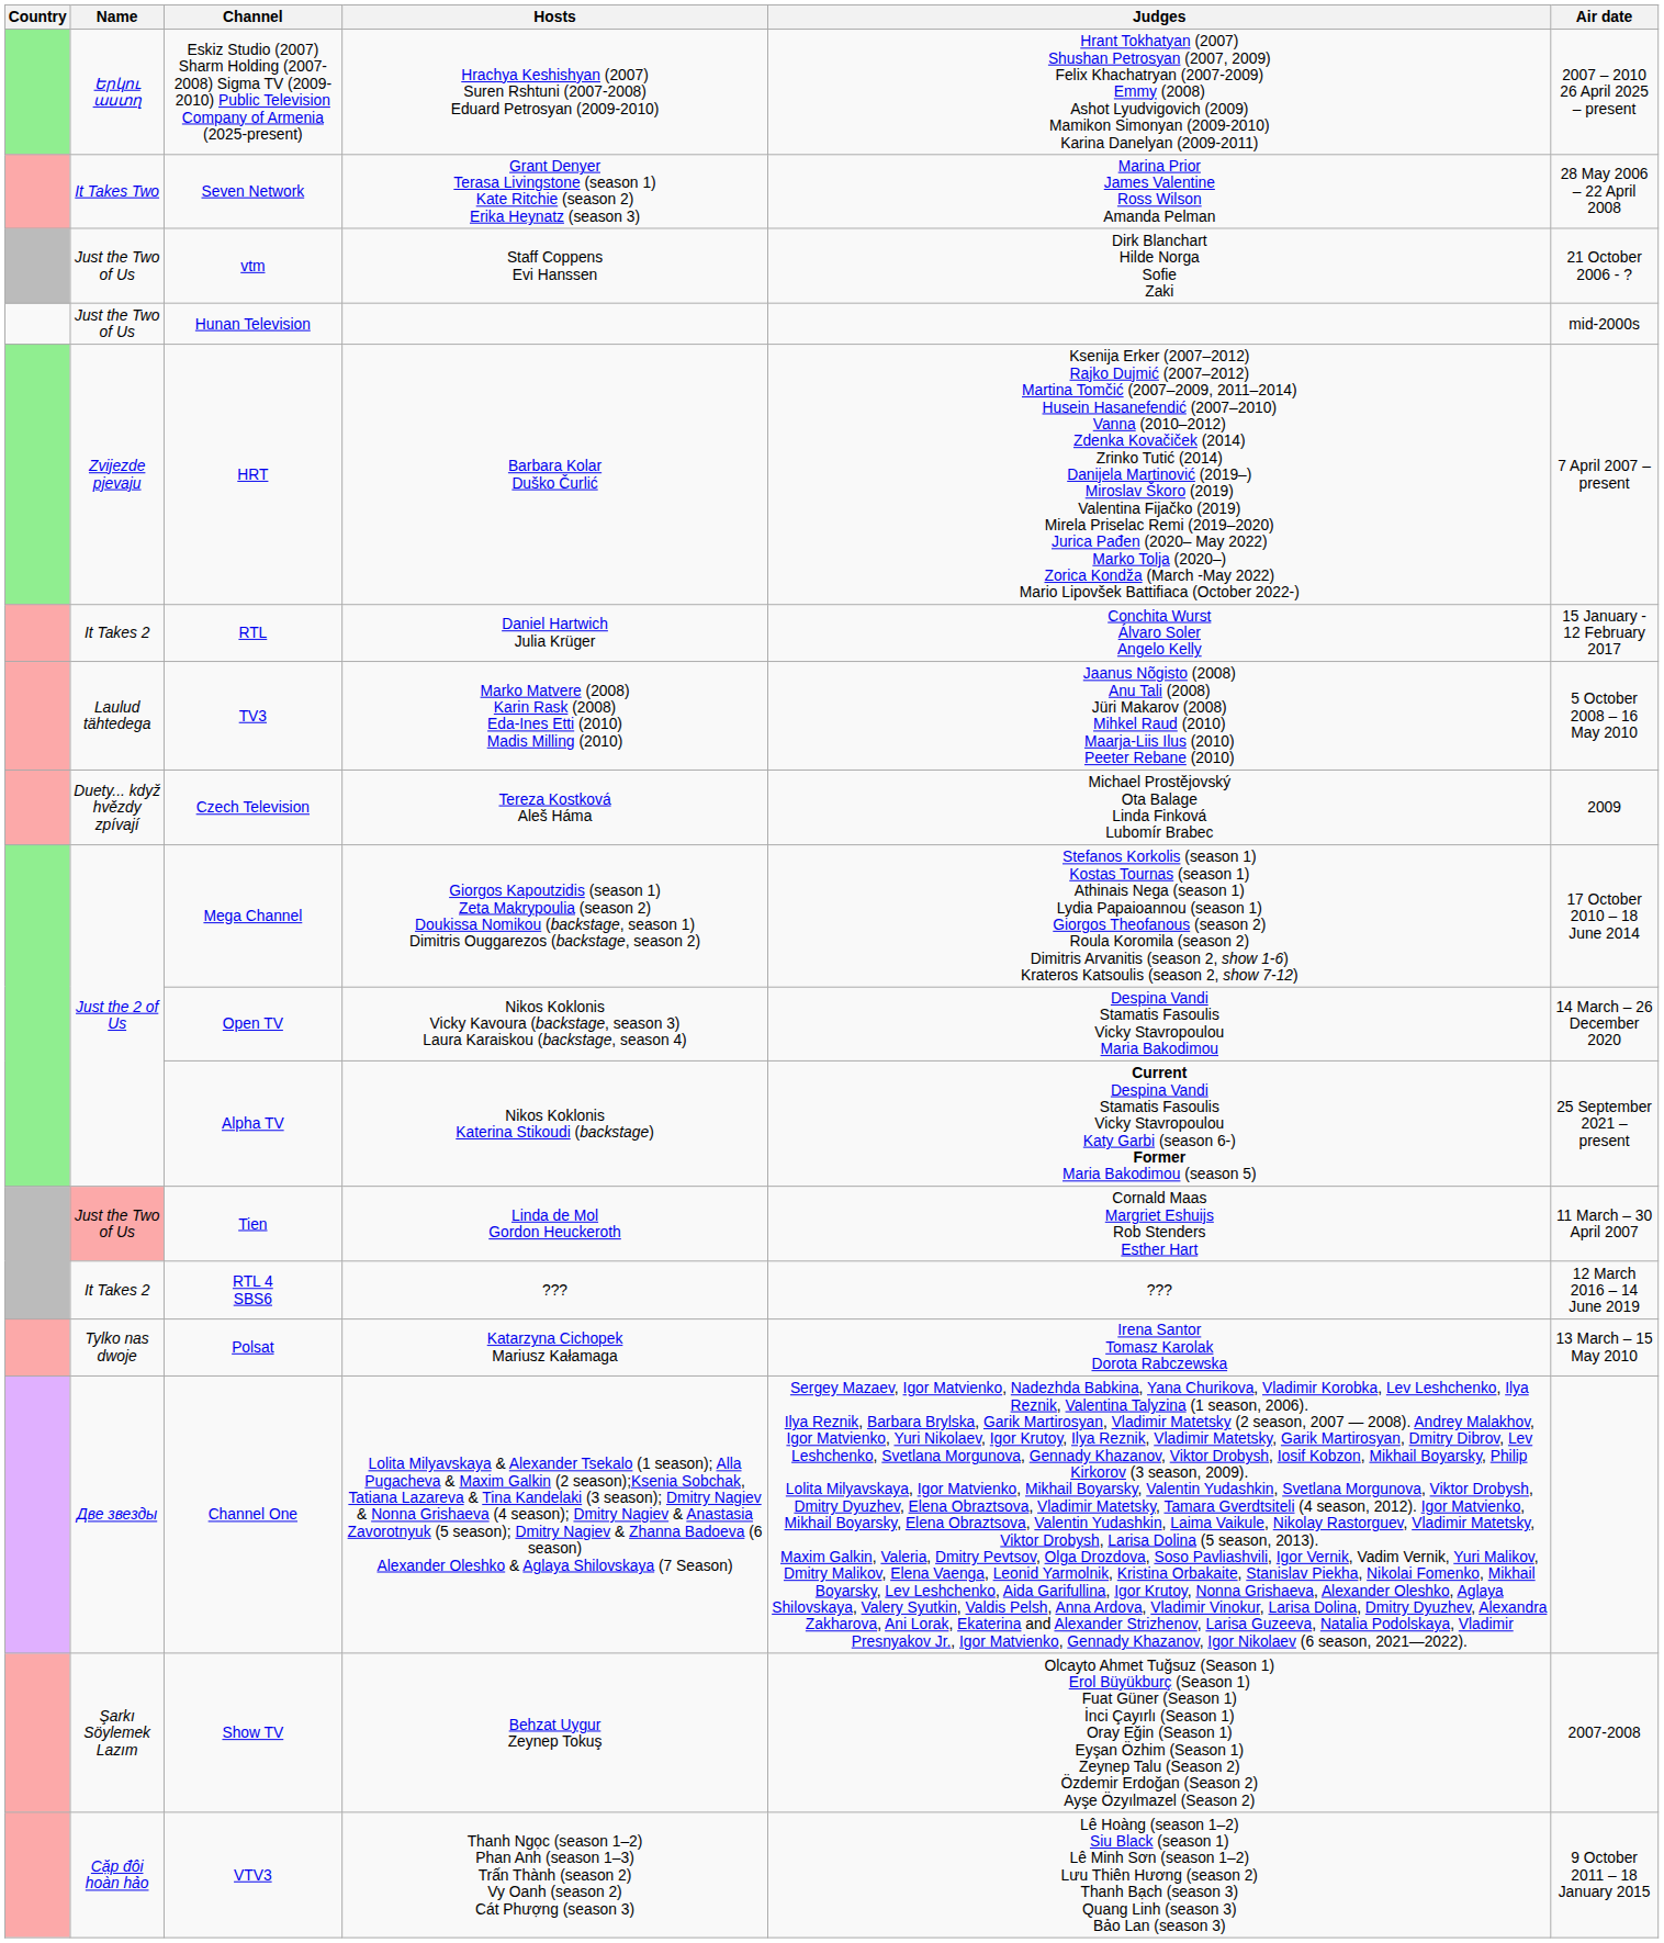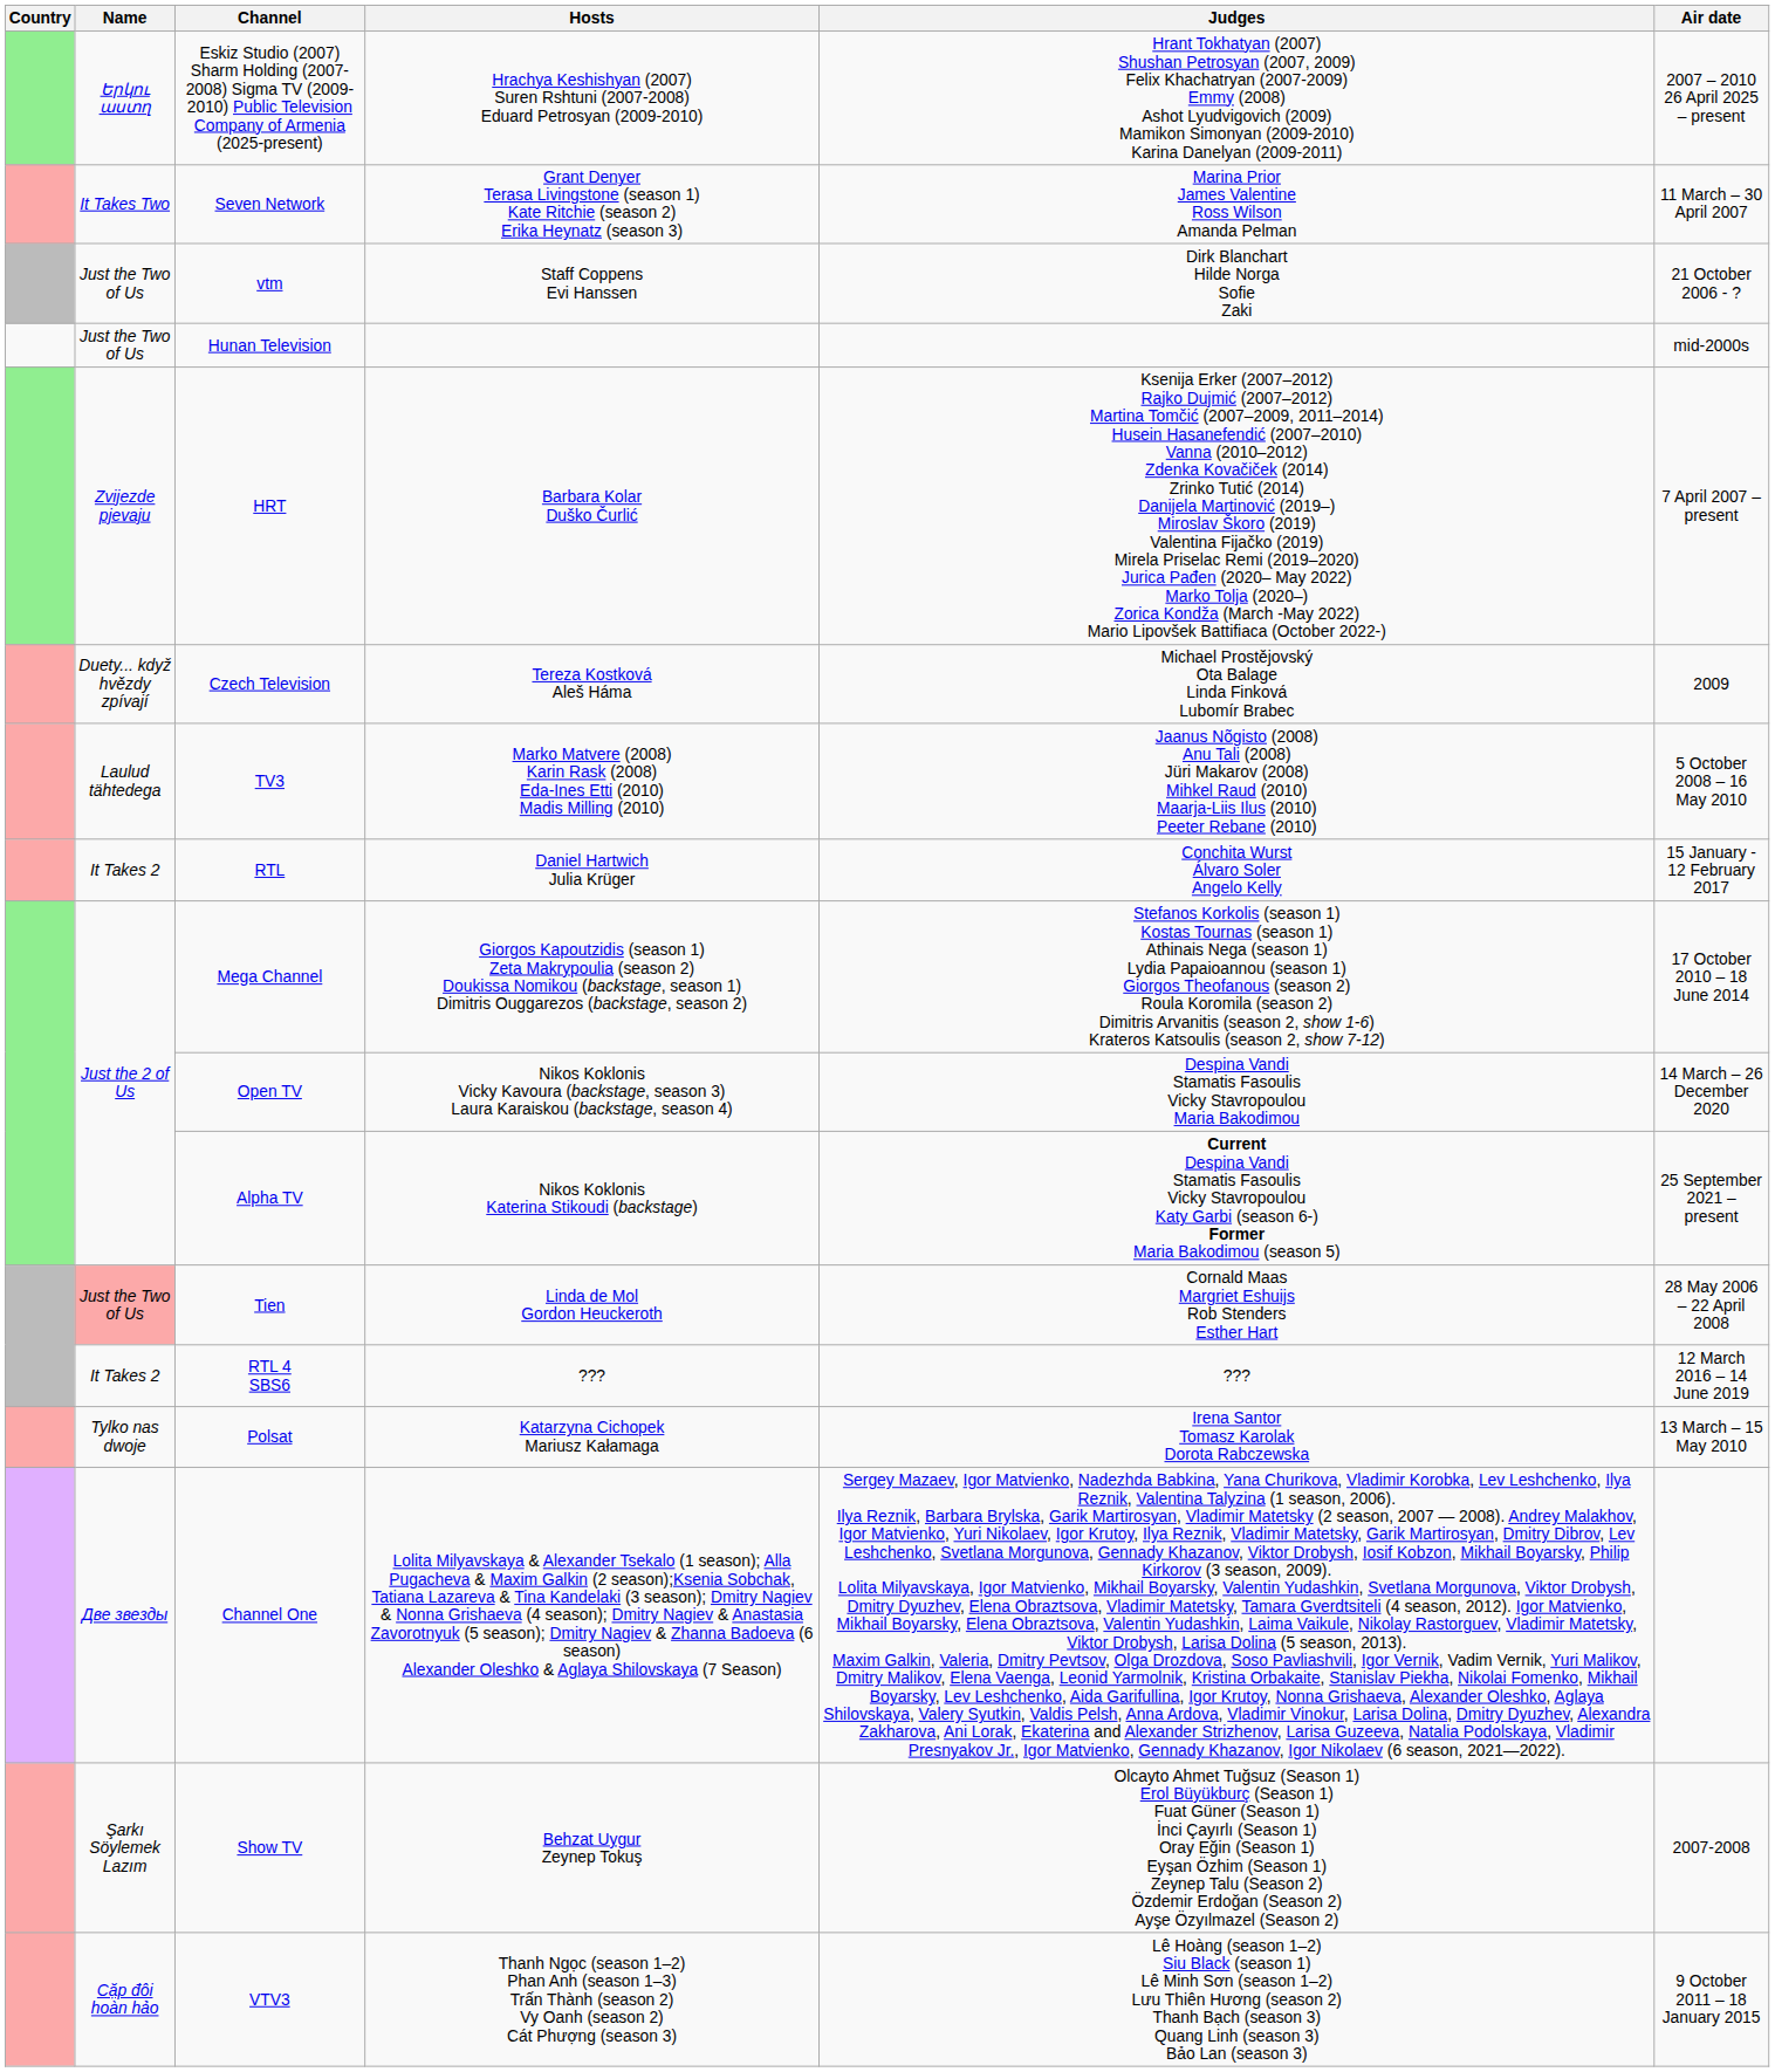 <table class="wikitable sortable" style="text-align:center; font-size:90%">
 <tr>
 <th>Country</th>
 <th>Name</th>
 <th>Channel</th>
 <th>Hosts</th>
 <th>Judges</th>
 <th>Air date</th>
 </tr>
 <tr>
 <td style="background:#90EE90;"></td>
 <td><em><a href='#'>Երկու աստղ</a></em></td>
 <td>Eskiz Studio (2007)<br>Sharm Holding (2007-2008) Sigma TV (2009-2010) <a href='#'>Public Television Company of Armenia</a> (2025-present)</td>
 <td><a href='#'>Hrachya Keshishyan</a> (2007)<br>Suren Rshtuni (2007-2008)<br>Eduard Petrosyan (2009-2010)</td>
 <td><a href='#'>Hrant Tokhatyan</a> (2007)<br><a href='#'>Shushan Petrosyan</a> (2007, 2009)<br>Felix Khachatryan (2007-2009)<br><a href='#'>Emmy</a> (2008)<br>Ashot Lyudvigovich (2009)<br>Mamikon Simonyan (2009-2010)<br>Karina Danelyan (2009-2011)</td>
 <td>2007 – 2010<br>26 April 2025 – present</td>
 </tr>
 <tr>
 <td style="background:#FCA9A9;"></td>
 <td><em><a href='#'>It Takes Two</a></em></td>
 <td><a href='#'>Seven Network</a></td>
 <td><a href='#'>Grant Denyer</a><br><a href='#'>Terasa Livingstone</a> (season 1)<br><a href='#'>Kate Ritchie</a> (season 2)<br><a href='#'>Erika Heynatz</a> (season 3)</td>
 <td><a href='#'>Marina Prior</a><br><a href='#'>James Valentine</a><br><a href='#'>Ross Wilson</a><br>Amanda Pelman</td>
-<td>28 May 2006 – 22 April 2008</td>
+<td>11 March – 30 April 2007</td>
 </tr>
 <tr>
 <td style="background:#BBBBBB;"></td>
 <td><em>Just the Two of Us</em></td>
 <td><a href='#'>vtm</a></td>
 <td>Staff Coppens<br>Evi Hanssen</td>
 <td>Dirk Blanchart<br>Hilde Norga<br>Sofie<br>Zaki</td>
 <td>21 October 2006 - ?</td>
 </tr>
 <tr>
 <td></td>
 <td><em>Just the Two of Us</em></td>
 <td><a href='#'>Hunan Television</a></td>
 <td></td>
 <td></td>
 <td>mid-2000s</td>
 </tr>
 <tr>
 <td style="background:#90EE90;"></td>
 <td><em><a href='#'>Zvijezde pjevaju</a></em></td>
 <td><a href='#'>HRT</a></td>
 <td><a href='#'>Barbara Kolar</a><br><a href='#'>Duško Čurlić</a></td>
 <td>Ksenija Erker (2007–2012)<br><a href='#'>Rajko Dujmić</a> (2007–2012)<br><a href='#'>Martina Tomčić</a> (2007–2009, 2011–2014)<br><a href='#'>Husein Hasanefendić</a> (2007–2010)<br><a href='#'>Vanna</a> (2010–2012)<br><a href='#'>Zdenka Kovačiček</a> (2014)<br>Zrinko Tutić (2014)<br><a href='#'>Danijela Martinović</a> (2019–)<br><a href='#'>Miroslav Škoro</a> (2019)<br>Valentina Fijačko (2019)<br>Mirela Priselac Remi (2019–2020)<br><a href='#'>Jurica Pađen</a> (2020– May 2022)<br><a href='#'>Marko Tolja</a> (2020–) <br> <a href='#'>Zorica Kondža</a> (March -May 2022)<br> Mario Lipovšek Battifiaca (October 2022-)</td>
 <td>7 April 2007 – present</td>
 </tr>
 <tr>
 <td style="background:#FCA9A9;"></td>
-<td><em>It Takes 2</em></td>
-<td><a href='#'>RTL</a></td>
-<td><a href='#'>Daniel Hartwich</a><br>Julia Krüger</td>
-<td><a href='#'>Conchita Wurst</a><br><a href='#'>Álvaro Soler</a><br><a href='#'>Angelo Kelly</a></td>
-<td>15 January - 12 February 2017</td>
+<td><em>Duety... když hvězdy zpívají</em></td>
+<td><a href='#'>Czech Television</a></td>
+<td><a href='#'>Tereza Kostková</a><br>Aleš Háma</td>
+<td>Michael Prostějovský<br>Ota Balage<br>Linda Finková<br>Lubomír Brabec</td>
+<td>2009</td>
 </tr>
 <tr>
 <td style="background:#FCA9A9;"></td>
 <td><em>Laulud tähtedega</em></td>
 <td><a href='#'>TV3</a></td>
 <td><a href='#'>Marko Matvere</a> (2008)<br><a href='#'>Karin Rask</a> (2008)<br><a href='#'>Eda-Ines Etti</a> (2010)<br> <a href='#'>Madis Milling</a> (2010)</td>
 <td><a href='#'>Jaanus Nõgisto</a> (2008)<br><a href='#'>Anu Tali</a> (2008) <br> Jüri Makarov (2008) <br> <a href='#'>Mihkel Raud</a> (2010)<br> <a href='#'>Maarja-Liis Ilus</a> (2010) <br> <a href='#'>Peeter Rebane</a> (2010)</td>
 <td>5 October 2008 – 16 May 2010</td>
 </tr>
 <tr>
 <td style="background:#FCA9A9;"></td>
-<td><em>Duety... když hvězdy zpívají</em></td>
-<td><a href='#'>Czech Television</a></td>
-<td><a href='#'>Tereza Kostková</a><br>Aleš Háma</td>
-<td>Michael Prostějovský<br>Ota Balage<br>Linda Finková<br>Lubomír Brabec</td>
-<td>2009</td>
+<td><em>It Takes 2</em></td>
+<td><a href='#'>RTL</a></td>
+<td><a href='#'>Daniel Hartwich</a><br>Julia Krüger</td>
+<td><a href='#'>Conchita Wurst</a><br><a href='#'>Álvaro Soler</a><br><a href='#'>Angelo Kelly</a></td>
+<td>15 January - 12 February 2017</td>
 </tr>
 <tr>
 <td style="background:#90EE90;" rowspan="3"></td>
 <td rowspan="3"><em><a href='#'>Just the 2 of Us</a></em></td>
 <td><a href='#'>Mega Channel</a></td>
 <td><a href='#'>Giorgos Kapoutzidis</a> (season 1)<br><a href='#'>Zeta Makrypoulia</a> (season 2)<br><a href='#'>Doukissa Nomikou</a> (<em>backstage</em>, season 1)<br>Dimitris Ouggarezos (<em>backstage</em>, season 2)</td>
 <td><a href='#'>Stefanos Korkolis</a> (season 1)<br><a href='#'>Kostas Tournas</a> (season 1)<br>Athinais Nega (season 1)<br>Lydia Papaioannou (season 1)<br><a href='#'>Giorgos Theofanous</a> (season 2)<br>Roula Koromila (season 2)<br>Dimitris Arvanitis (season 2, <em>show 1-6</em>)<br>Krateros Katsoulis (season 2, <em>show 7-12</em>)</td>
 <td>17 October 2010 – 18 June 2014</td>
 </tr>
 <tr>
 <td><a href='#'>Open TV</a></td>
 <td>Nikos Koklonis<br>Vicky Kavoura (<em>backstage</em>, season 3)<br>Laura Karaiskou (<em>backstage</em>, season 4)</td>
 <td><a href='#'>Despina Vandi</a><br>Stamatis Fasoulis<br>Vicky Stavropoulou<br><a href='#'>Maria Bakodimou</a></td>
 <td>14 March – 26 December 2020</td>
 </tr>
 <tr>
 <td><a href='#'>Alpha TV</a></td>
 <td>Nikos Koklonis<br><a href='#'>Katerina Stikoudi</a> (<em>backstage</em>)</td>
 <td><strong>Current</strong><br><a href='#'>Despina Vandi</a><br>Stamatis Fasoulis<br>Vicky Stavropoulou<br><a href='#'>Katy Garbi</a> (season 6-)<br><strong>Former</strong><br><a href='#'>Maria Bakodimou</a> (season 5)</td>
 <td>25 September 2021 – present</td>
 </tr>
 <tr>
 <td rowspan="2"style="background:#BBBBBB;"></td>
 <td style="background:#FCA9A9;"><em>Just the Two of Us</em></td>
 <td><a href='#'>Tien</a></td>
 <td><a href='#'>Linda de Mol</a><br><a href='#'>Gordon Heuckeroth</a></td>
 <td>Cornald Maas<br><a href='#'>Margriet Eshuijs</a><br>Rob Stenders<br><a href='#'>Esther Hart</a></td>
-<td>11 March – 30 April 2007</td>
+<td>28 May 2006 – 22 April 2008</td>
 </tr>
 <tr>
 <td><em>It Takes 2</em></td>
 <td><a href='#'>RTL 4</a><br> <a href='#'>SBS6</a></td>
 <td>???</td>
 <td>???</td>
 <td>12 March 2016 – 14 June 2019</td>
 </tr>
 <tr>
 <td style="background:#FCA9A9;"></td>
 <td><em> Tylko nas dwoje</em></td>
 <td><a href='#'>Polsat</a></td>
 <td><a href='#'>Katarzyna Cichopek</a><br>Mariusz Kałamaga</td>
 <td><a href='#'>Irena Santor</a><br><a href='#'>Tomasz Karolak</a><br><a href='#'>Dorota Rabczewska</a></td>
 <td>13 March – 15 May 2010</td>
 </tr>
 <tr>
 <td style="background:#E0B0FF;"></td>
 <td><em><a href='#'>Две звезды</a></em></td>
 <td><a href='#'>Channel One</a></td>
 <td><a href='#'>Lolita Milyavskaya</a> & <a href='#'>Alexander Tsekalo</a> (1 season); <a href='#'>Alla Pugacheva</a> & <a href='#'>Maxim Galkin</a> (2 season);<a href='#'>Ksenia Sobchak</a>, <a href='#'>Tatiana Lazareva</a> & <a href='#'>Tina Kandelaki</a> (3 season); <a href='#'>Dmitry Nagiev</a>  & <a href='#'>Nonna Grishaeva</a> (4 season); <a href='#'>Dmitry Nagiev</a> & <a href='#'>Anastasia Zavorotnyuk</a> (5 season); <a href='#'>Dmitry Nagiev</a> & <a href='#'>Zhanna Badoeva</a> (6 season)<br><a href='#'>Alexander Oleshko</a> & <a href='#'>Aglaya Shilovskaya</a> (7 Season)</td>
 <td><a href='#'>Sergey Mazaev</a>, <a href='#'>Igor Matvienko</a>, <a href='#'>Nadezhda Babkina</a>, <a href='#'>Yana Churikova</a>, <a href='#'>Vladimir Korobka</a>, <a href='#'>Lev Leshchenko</a>, <a href='#'>Ilya Reznik</a>, <a href='#'>Valentina Talyzina</a> (1 season, 2006).<br><a href='#'>Ilya Reznik</a>, <a href='#'>Barbara Brylska</a>, <a href='#'>Garik Martirosyan</a>, <a href='#'>Vladimir Matetsky</a> (2 season, 2007 — 2008). <a href='#'>Andrey Malakhov</a>, <a href='#'>Igor Matvienko</a>, <a href='#'>Yuri Nikolaev</a>, <a href='#'>Igor Krutoy</a>, <a href='#'>Ilya Reznik</a>, <a href='#'>Vladimir Matetsky</a>, <a href='#'>Garik Martirosyan</a>, <a href='#'>Dmitry Dibrov</a>, <a href='#'>Lev Leshchenko</a>, <a href='#'>Svetlana Morgunova</a>, <a href='#'>Gennady Khazanov</a>, <a href='#'>Viktor Drobysh</a>, <a href='#'>Iosif Kobzon</a>, <a href='#'>Mikhail Boyarsky</a>, <a href='#'>Philip Kirkorov</a> (3 season, 2009).<br><a href='#'>Lolita Milyavskaya</a>, <a href='#'>Igor Matvienko</a>, <a href='#'>Mikhail Boyarsky</a>, <a href='#'>Valentin Yudashkin</a>, <a href='#'>Svetlana Morgunova</a>, <a href='#'>Viktor Drobysh</a>, <a href='#'>Dmitry Dyuzhev</a>, <a href='#'>Elena Obraztsova</a>, <a href='#'>Vladimir Matetsky</a>, <a href='#'>Tamara Gverdtsiteli</a> (4 season, 2012). <a href='#'>Igor Matvienko</a>, <a href='#'>Mikhail Boyarsky</a>, <a href='#'>Elena Obraztsova</a>, <a href='#'>Valentin Yudashkin</a>, <a href='#'>Laima Vaikule</a>, <a href='#'>Nikolay Rastorguev</a>, <a href='#'>Vladimir Matetsky</a>, <a href='#'>Viktor Drobysh</a>, <a href='#'>Larisa Dolina</a> (5 season, 2013).<br><a href='#'>Maxim Galkin</a>, <a href='#'>Valeria</a>, <a href='#'>Dmitry Pevtsov</a>, <a href='#'>Olga Drozdova</a>, <a href='#'>Soso Pavliashvili</a>, <a href='#'>Igor Vernik</a>, Vadim Vernik, <a href='#'>Yuri Malikov</a>, <a href='#'>Dmitry Malikov</a>, <a href='#'>Elena Vaenga</a>, <a href='#'>Leonid Yarmolnik</a>, <a href='#'>Kristina Orbakaite</a>, <a href='#'>Stanislav Piekha</a>, <a href='#'>Nikolai Fomenko</a>, <a href='#'>Mikhail Boyarsky</a>, <a href='#'>Lev Leshchenko</a>, <a href='#'>Aida Garifullina</a>, <a href='#'>Igor Krutoy</a>, <a href='#'>Nonna Grishaeva</a>, <a href='#'>Alexander Oleshko</a>, <a href='#'>Aglaya Shilovskaya</a>, <a href='#'>Valery Syutkin</a>, <a href='#'>Valdis Pelsh</a>, <a href='#'>Anna Ardova</a>, <a href='#'>Vladimir Vinokur</a>, <a href='#'>Larisa Dolina</a>, <a href='#'>Dmitry Dyuzhev</a>, <a href='#'>Alexandra Zakharova</a>, <a href='#'>Ani Lorak</a>, <a href='#'>Ekaterina</a> and <a href='#'>Alexander Strizhenov</a>, <a href='#'>Larisa Guzeeva</a>, <a href='#'>Natalia Podolskaya</a>, <a href='#'>Vladimir Presnyakov Jr.</a>, <a href='#'>Igor Matvienko</a>, <a href='#'>Gennady Khazanov</a>, <a href='#'>Igor Nikolaev</a> (6 season, 2021—2022).</td>
 <td></td>
 </tr>
 <tr>
 <td style="background:#FCA9A9;"></td>
 <td><em>Şarkı Söylemek Lazım</em></td>
 <td><a href='#'>Show TV</a></td>
 <td><a href='#'>Behzat Uygur</a><br> Zeynep Tokuş</td>
 <td>Olcayto Ahmet Tuğsuz (Season 1) <br><a href='#'>Erol Büyükburç</a> (Season 1)<br>Fuat Güner (Season 1)<br> İnci Çayırlı (Season 1)<br>Oray Eğin (Season 1)<br>Eyşan Özhim (Season 1)<br>Zeynep Talu (Season 2)<br>Özdemir Erdoğan (Season 2)<br>Ayşe Özyılmazel (Season 2)</td>
 <td>2007-2008</td>
 </tr>
 <tr>
 <td style="background:#FCA9A9;"></td>
 <td><em><a href='#'>Cặp đôi hoàn hảo</a></em></td>
 <td><a href='#'>VTV3</a></td>
 <td>Thanh Ngọc (season 1–2)<br> Phan Anh (season 1–3)<br> Trấn Thành (season 2)<br> Vy Oanh (season 2)<br> Cát Phượng (season 3)</td>
 <td>Lê Hoàng (season 1–2)<br> <a href='#'>Siu Black</a> (season 1)<br> Lê Minh Sơn (season 1–2)<br> Lưu Thiên Hương (season 2)<br> Thanh Bạch (season 3)<br> Quang Linh (season 3)<br> Bảo Lan (season 3)</td>
 <td>9 October 2011 – 18 January 2015</td>
 </tr>
 </table>
